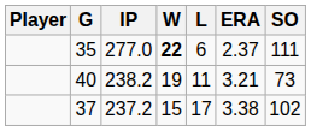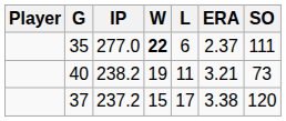 <table class="wikitable sortable" style="text-align:center;">
 <tr>
 <th>Player</th>
 <th>G</th>
 <th>IP</th>
 <th>W</th>
 <th>L</th>
 <th>ERA</th>
 <th>SO</th>
 </tr>
 <tr>
 <td></td>
 <td>35</td>
 <td>277.0</td>
 <td><strong>22</strong></td>
 <td>6</td>
 <td>2.37</td>
 <td>111</td>
 </tr>
 <tr>
 <td></td>
 <td>40</td>
 <td>238.2</td>
 <td>19</td>
 <td>11</td>
 <td>3.21</td>
 <td>73</td>
 </tr>
 <tr>
 <td></td>
 <td>37</td>
 <td>237.2</td>
 <td>15</td>
 <td>17</td>
 <td>3.38</td>
-<td>102</td>
+<td>120</td>
 </tr>
 </table>
